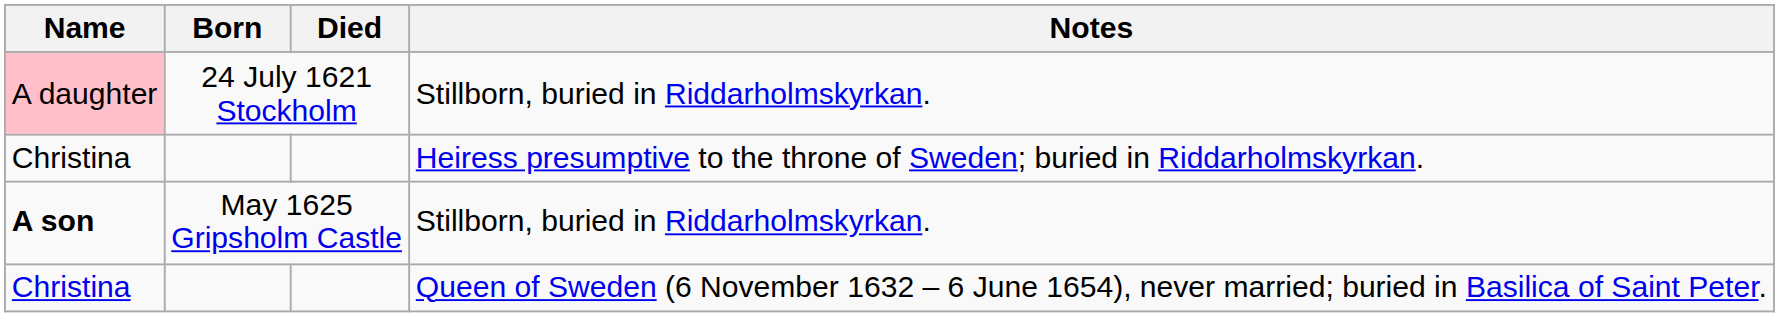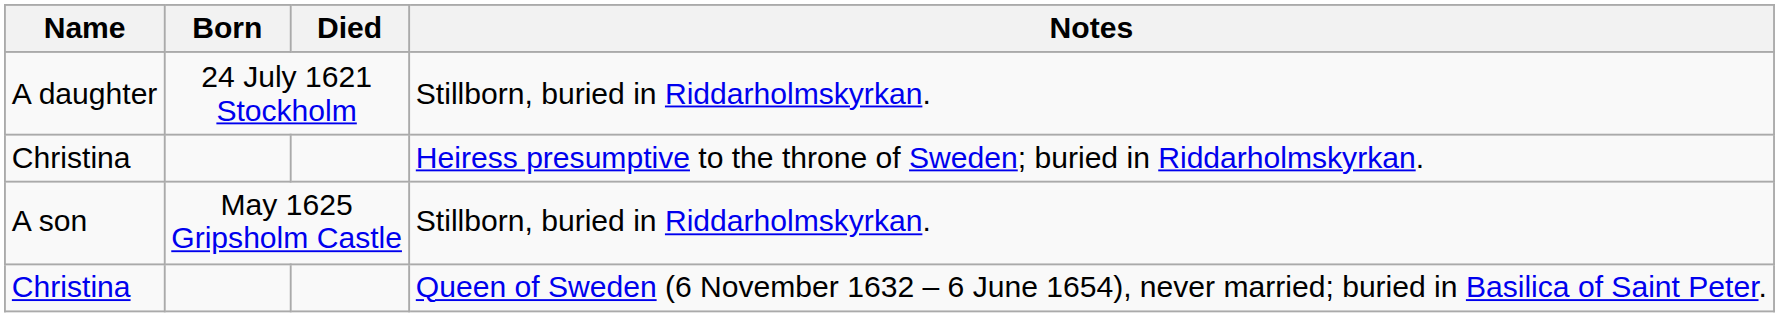 <table class="wikitable sortable">
 <tr>
 <th>Name</th>
 <th>Born</th>
 <th>Died</th>
 <th>Notes</th>
 </tr>
 <tr>
-<td style="background: pink;">A daughter</td>
+<td>A daughter</td>
 <td colspan=2 style="text-align:center;">24 July 1621<br><a href='#'>Stockholm</a></td>
 <td>Stillborn, buried in <a href='#'>Riddarholmskyrkan</a>.</td>
 </tr>
 <tr>
 <td>Christina</td>
 <td></td>
 <td></td>
 <td><a href='#'>Heiress presumptive</a> to the throne of <a href='#'>Sweden</a>; buried in <a href='#'>Riddarholmskyrkan</a>.</td>
 </tr>
 <tr>
-<td><strong>A son</strong></td>
+<td>A son</td>
 <td colspan=2 style="text-align:center;">May 1625<br><a href='#'>Gripsholm Castle</a></td>
 <td>Stillborn, buried in <a href='#'>Riddarholmskyrkan</a>.</td>
 </tr>
 <tr>
 <td><a href='#'>Christina</a></td>
 <td></td>
 <td></td>
 <td><a href='#'>Queen of Sweden</a> (6 November 1632 – 6 June 1654), never married; buried in <a href='#'>Basilica of Saint Peter</a>.</td>
 </tr>
 </table>
